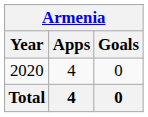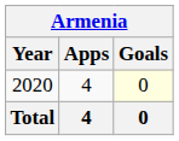 <table class="wikitable" style="text-align:center">
 <tr>
 <th colspan=3><a href='#'>Armenia</a></th>
 </tr>
 <tr>
 <th>Year</th>
 <th>Apps</th>
 <th>Goals</th>
 </tr>
 <tr>
 <td>2020</td>
 <td>4</td>
-<td>0</td>
+<td style="background: lightyellow;">0</td>
 </tr>
 <tr>
 <th>Total</th>
 <th>4</th>
 <th>0</th>
 </tr>
 </table>
